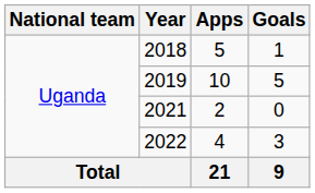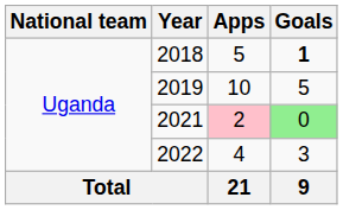 <table class="wikitable" style="text-align: center">
 <tr>
 <th>National team</th>
 <th>Year</th>
 <th>Apps</th>
 <th>Goals</th>
 </tr>
 <tr>
 <td rowspan="4"><a href='#'>Uganda</a></td>
 <td>2018</td>
 <td>5</td>
-<td>1</td>
+<td><strong>1</strong></td>
 </tr>
 <tr>
 <td>2019</td>
 <td>10</td>
 <td>5</td>
 </tr>
 <tr>
 <td>2021</td>
-<td>2</td>
-<td>0</td>
+<td style="background: pink;">2</td>
+<td style="background: lightgreen;">0</td>
 </tr>
 <tr>
 <td>2022</td>
 <td>4</td>
 <td>3</td>
 </tr>
 <tr>
 <th colspan="2">Total</th>
 <th>21</th>
 <th>9</th>
 </tr>
 </table>
